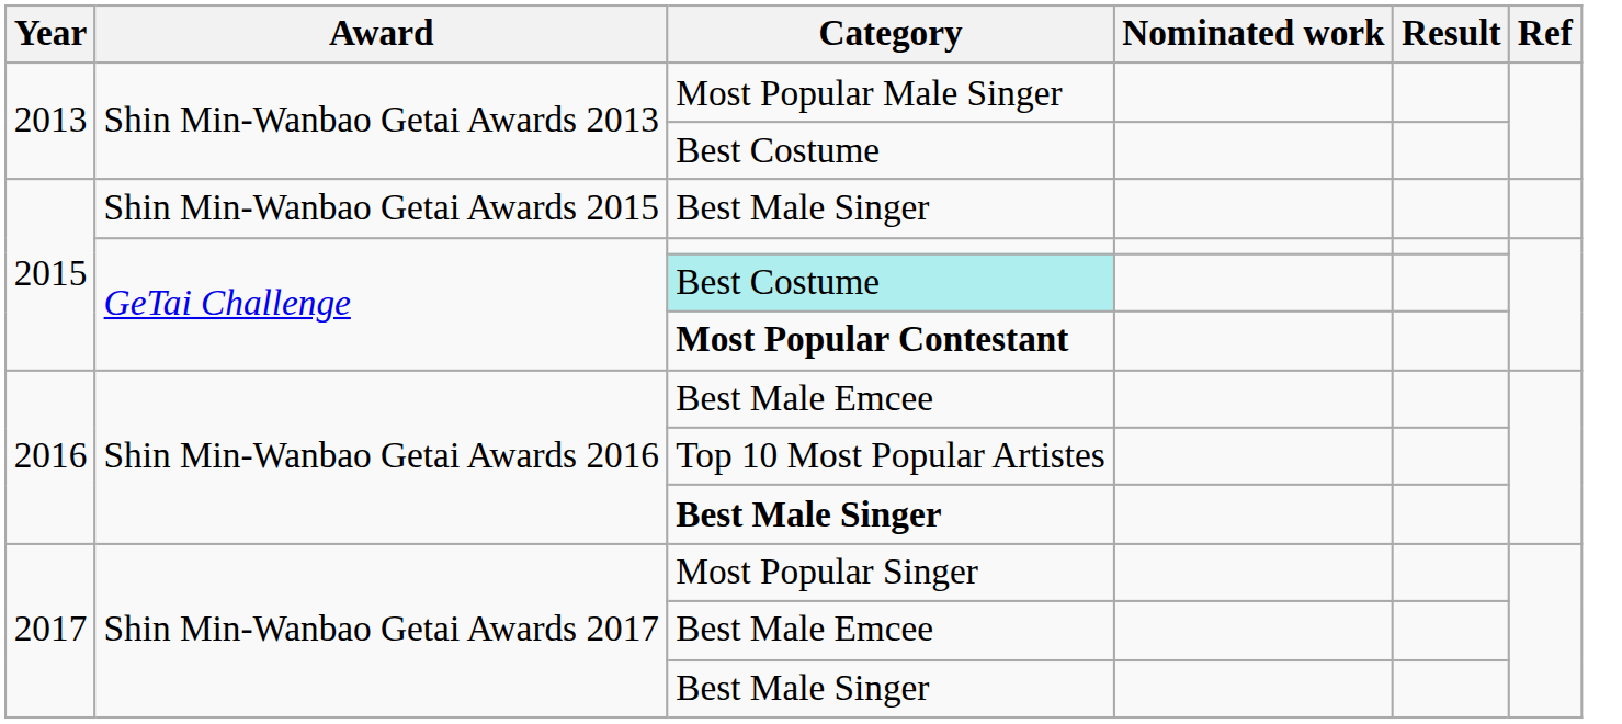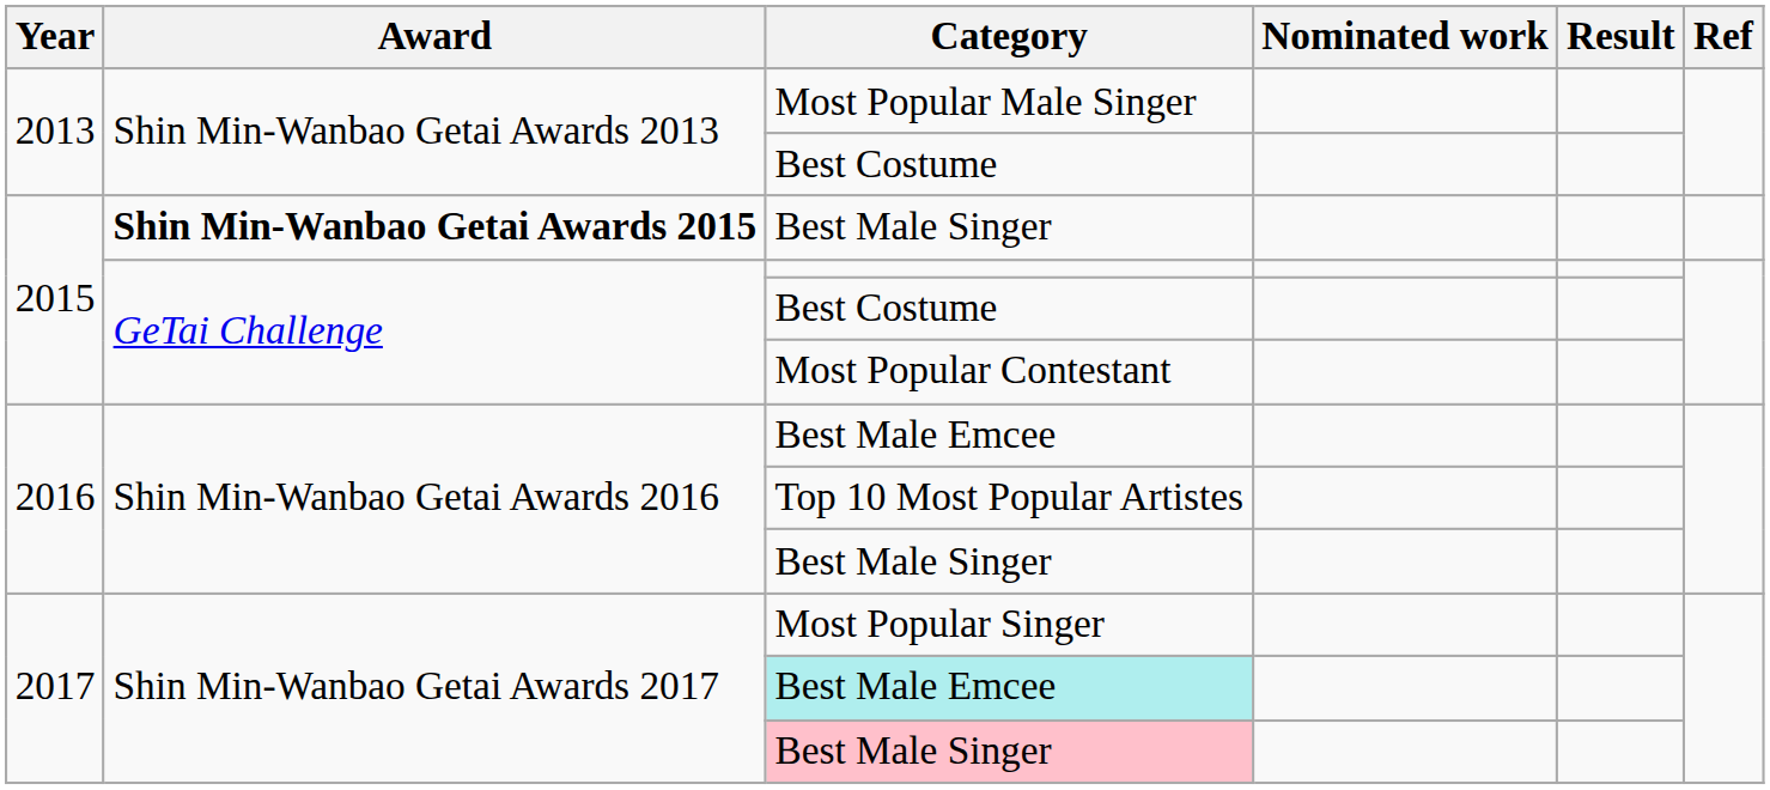 <table class="wikitable sortable">
 <tr>
 <th>Year</th>
 <th>Award</th>
 <th>Category</th>
 <th>Nominated work</th>
 <th>Result</th>
 <th class="unsortable">Ref</th>
 </tr>
 <tr>
 <td rowspan=2>2013</td>
 <td rowspan=2>Shin Min-Wanbao Getai Awards 2013</td>
 <td>Most Popular Male Singer</td>
 <td></td>
 <td></td>
 <td rowspan=2></td>
 </tr>
 <tr>
 <td>Best Costume</td>
 <td></td>
 <td></td>
 </tr>
 <tr>
 <td rowspan=4>2015</td>
-<td rowspan=1>Shin Min-Wanbao Getai Awards 2015</td>
+<td rowspan=1><strong>Shin Min-Wanbao Getai Awards 2015</strong></td>
 <td>Best Male Singer</td>
 <td></td>
 <td></td>
 <td rowspan=1></td>
 </tr>
 <tr>
 <td rowspan=3><em><a href='#'>GeTai Challenge</a></em></td>
 <td></td>
 <td></td>
 <td></td>
 <td rowspan=3></td>
 </tr>
 <tr>
-<td style="background: paleturquoise;">Best Costume</td>
+<td>Best Costume</td>
 <td></td>
 <td></td>
 </tr>
 <tr>
-<td><strong>Most Popular Contestant</strong></td>
+<td>Most Popular Contestant</td>
 <td></td>
 <td></td>
 </tr>
 <tr>
 <td rowspan=3>2016</td>
 <td rowspan=3>Shin Min-Wanbao Getai Awards 2016</td>
 <td>Best Male Emcee</td>
 <td></td>
 <td></td>
 <td rowspan=3></td>
 </tr>
 <tr>
 <td>Top 10 Most Popular Artistes</td>
 <td></td>
 <td></td>
 </tr>
 <tr>
-<td><strong>Best Male Singer</strong></td>
+<td>Best Male Singer</td>
 <td></td>
 <td></td>
 </tr>
 <tr>
 <td rowspan=3>2017</td>
 <td rowspan=3>Shin Min-Wanbao Getai Awards 2017</td>
 <td>Most Popular Singer</td>
 <td></td>
 <td></td>
 <td rowspan=3></td>
 </tr>
 <tr>
-<td>Best Male Emcee</td>
+<td style="background: paleturquoise;">Best Male Emcee</td>
 <td></td>
 <td></td>
 </tr>
 <tr>
-<td>Best Male Singer</td>
+<td style="background: pink;">Best Male Singer</td>
 <td></td>
 <td></td>
 </tr>
 </table>
